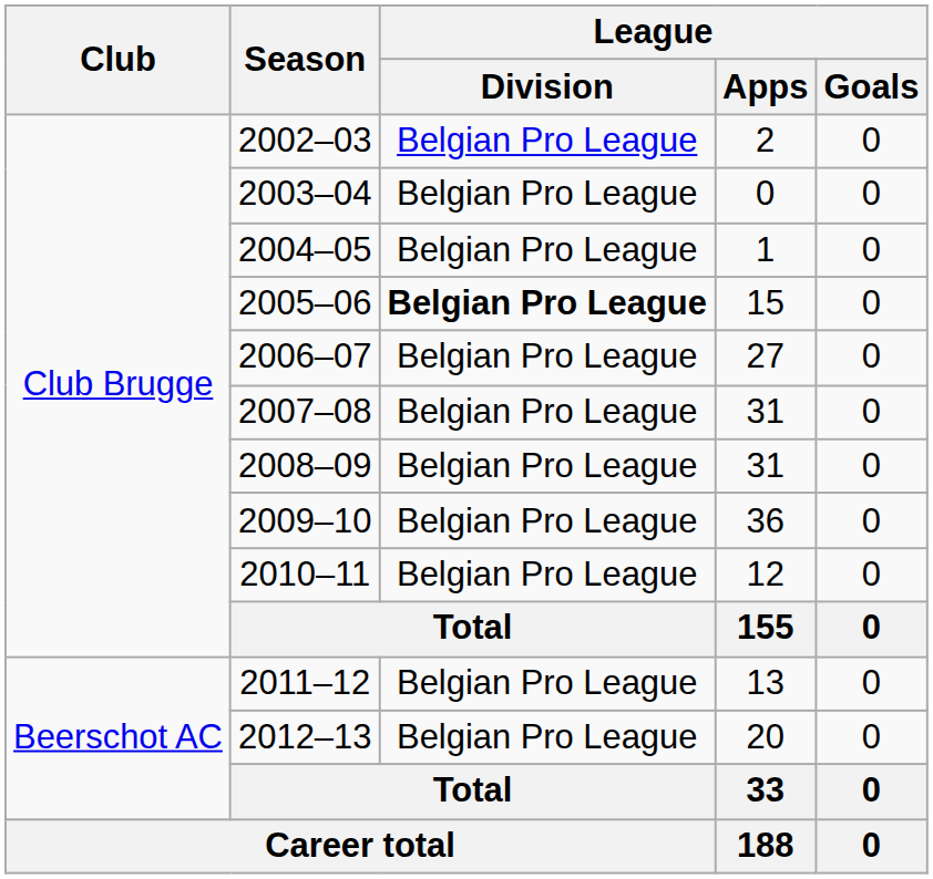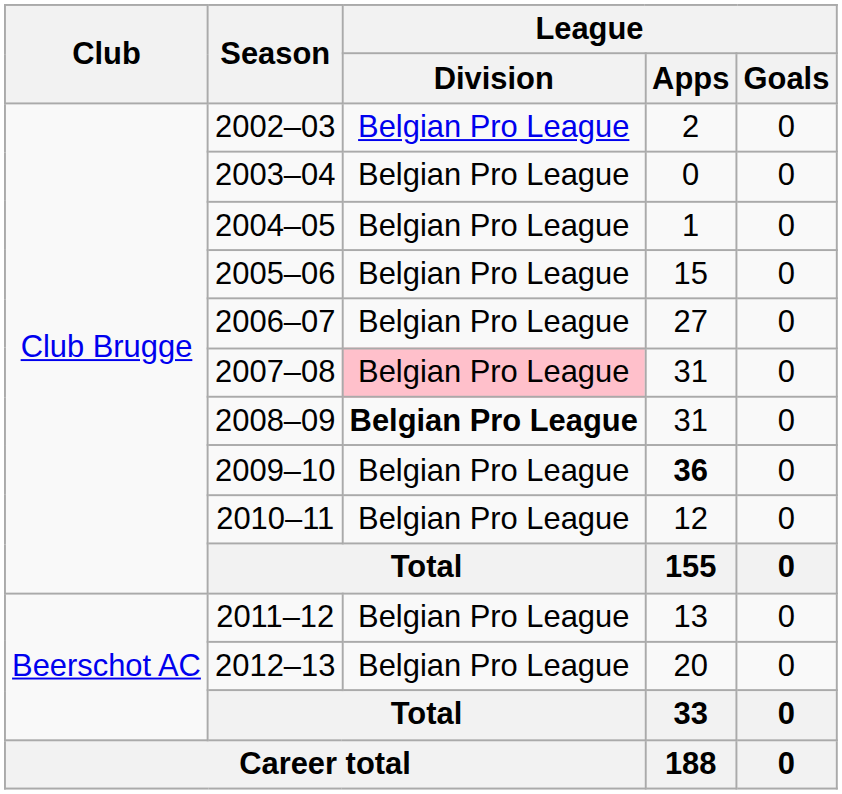 <table class="wikitable" style="text-align:center">
 <tr>
 <th rowspan="2">Club</th>
 <th rowspan="2">Season</th>
 <th colspan="3">League</th>
 </tr>
 <tr>
 <th>Division</th>
 <th>Apps</th>
 <th>Goals</th>
 </tr>
 <tr>
 <td rowspan="10"><a href='#'>Club Brugge</a></td>
 <td>2002–03</td>
 <td><a href='#'>Belgian Pro League</a></td>
 <td>2</td>
 <td>0</td>
 </tr>
 <tr>
 <td>2003–04</td>
 <td>Belgian Pro League</td>
 <td>0</td>
 <td>0</td>
 </tr>
 <tr>
 <td>2004–05</td>
 <td>Belgian Pro League</td>
 <td>1</td>
 <td>0</td>
 </tr>
 <tr>
 <td>2005–06</td>
-<td><strong>Belgian Pro League</strong></td>
+<td>Belgian Pro League</td>
 <td>15</td>
 <td>0</td>
 </tr>
 <tr>
 <td>2006–07</td>
 <td>Belgian Pro League</td>
 <td>27</td>
 <td>0</td>
 </tr>
 <tr>
 <td>2007–08</td>
-<td>Belgian Pro League</td>
+<td style="background: pink;">Belgian Pro League</td>
 <td>31</td>
 <td>0</td>
 </tr>
 <tr>
 <td>2008–09</td>
-<td>Belgian Pro League</td>
+<td><strong>Belgian Pro League</strong></td>
 <td>31</td>
 <td>0</td>
 </tr>
 <tr>
 <td>2009–10</td>
 <td>Belgian Pro League</td>
-<td>36</td>
+<td><strong>36</strong></td>
 <td>0</td>
 </tr>
 <tr>
 <td>2010–11</td>
 <td>Belgian Pro League</td>
 <td>12</td>
 <td>0</td>
 </tr>
 <tr>
 <th colspan="2">Total</th>
 <th>155</th>
 <th>0</th>
 </tr>
 <tr>
 <td rowspan="3"><a href='#'>Beerschot AC</a></td>
 <td>2011–12</td>
 <td>Belgian Pro League</td>
 <td>13</td>
 <td>0</td>
 </tr>
 <tr>
 <td>2012–13</td>
 <td>Belgian Pro League</td>
 <td>20</td>
 <td>0</td>
 </tr>
 <tr>
 <th colspan="2">Total</th>
 <th>33</th>
 <th>0</th>
 </tr>
 <tr>
 <th colspan="3">Career total</th>
 <th>188</th>
 <th>0</th>
 </tr>
 </table>
